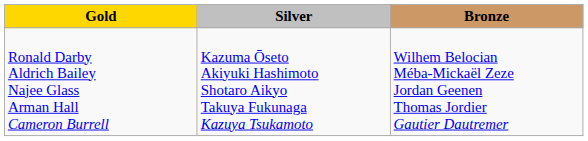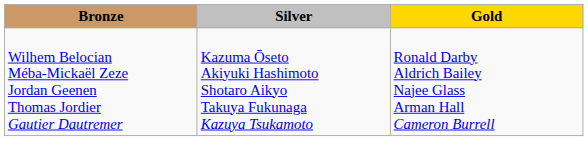 <table class="wikitable" style="text-align:left">
 <tr align="center">
+<td width=200 bgcolor=CC9966><strong>Bronze</strong></td>
+<td width=200 bgcolor=silver><strong>Silver</strong></td>
 <td width=200 bgcolor=gold><strong>Gold</strong></td>
-<td width=200 bgcolor=silver><strong>Silver</strong></td>
-<td width=200 bgcolor=CC9966><strong>Bronze</strong></td>
 </tr>
 <tr>
+<td><br><a href='#'>Wilhem Belocian</a><br><a href='#'>Méba-Mickaël Zeze</a><br><a href='#'>Jordan Geenen</a><br><a href='#'>Thomas Jordier</a><br><em><a href='#'>Gautier Dautremer</a></em></td>
+<td><br><a href='#'>Kazuma Ōseto</a><br><a href='#'>Akiyuki Hashimoto</a><br><a href='#'>Shotaro Aikyo</a><br><a href='#'>Takuya Fukunaga</a><br><em><a href='#'>Kazuya Tsukamoto</a></em></td>
 <td><br><a href='#'>Ronald Darby</a><br><a href='#'>Aldrich Bailey</a><br><a href='#'>Najee Glass</a><br><a href='#'>Arman Hall</a><br><em><a href='#'>Cameron Burrell</a></em></td>
-<td><br><a href='#'>Kazuma Ōseto</a><br><a href='#'>Akiyuki Hashimoto</a><br><a href='#'>Shotaro Aikyo</a><br><a href='#'>Takuya Fukunaga</a><br><em><a href='#'>Kazuya Tsukamoto</a></em></td>
-<td><br><a href='#'>Wilhem Belocian</a><br><a href='#'>Méba-Mickaël Zeze</a><br><a href='#'>Jordan Geenen</a><br><a href='#'>Thomas Jordier</a><br><em><a href='#'>Gautier Dautremer</a></em></td>
 </tr>
 </table>
